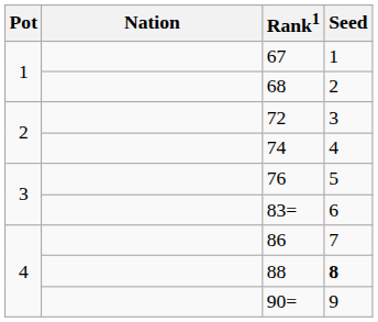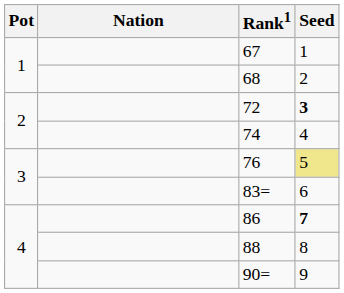 <table class="wikitable">
 <tr>
 <th>Pot</th>
 <th width="175">Nation</th>
 <th>Rank<sup>1</sup></th>
 <th>Seed</th>
 </tr>
 <tr>
 <td rowspan=2 style="text-align:center;">1</td>
 <td></td>
 <td>67</td>
 <td>1</td>
 </tr>
 <tr>
 <td></td>
 <td>68</td>
 <td>2</td>
 </tr>
 <tr>
 <td rowspan=2 style="text-align:center;">2</td>
 <td></td>
 <td>72</td>
-<td>3</td>
+<td><strong>3</strong></td>
 </tr>
 <tr>
 <td></td>
 <td>74</td>
 <td>4</td>
 </tr>
 <tr>
 <td rowspan=2 style="text-align:center;">3</td>
 <td></td>
 <td>76</td>
-<td>5</td>
+<td style="background: khaki;">5</td>
 </tr>
 <tr>
 <td></td>
 <td>83=</td>
 <td>6</td>
 </tr>
 <tr>
 <td rowspan=3 style="text-align:center;">4</td>
 <td></td>
 <td>86</td>
-<td>7</td>
+<td><strong>7</strong></td>
 </tr>
 <tr>
 <td></td>
 <td>88</td>
-<td><strong>8</strong></td>
+<td>8</td>
 </tr>
 <tr>
 <td></td>
 <td>90=</td>
 <td>9</td>
 </tr>
 </table>
